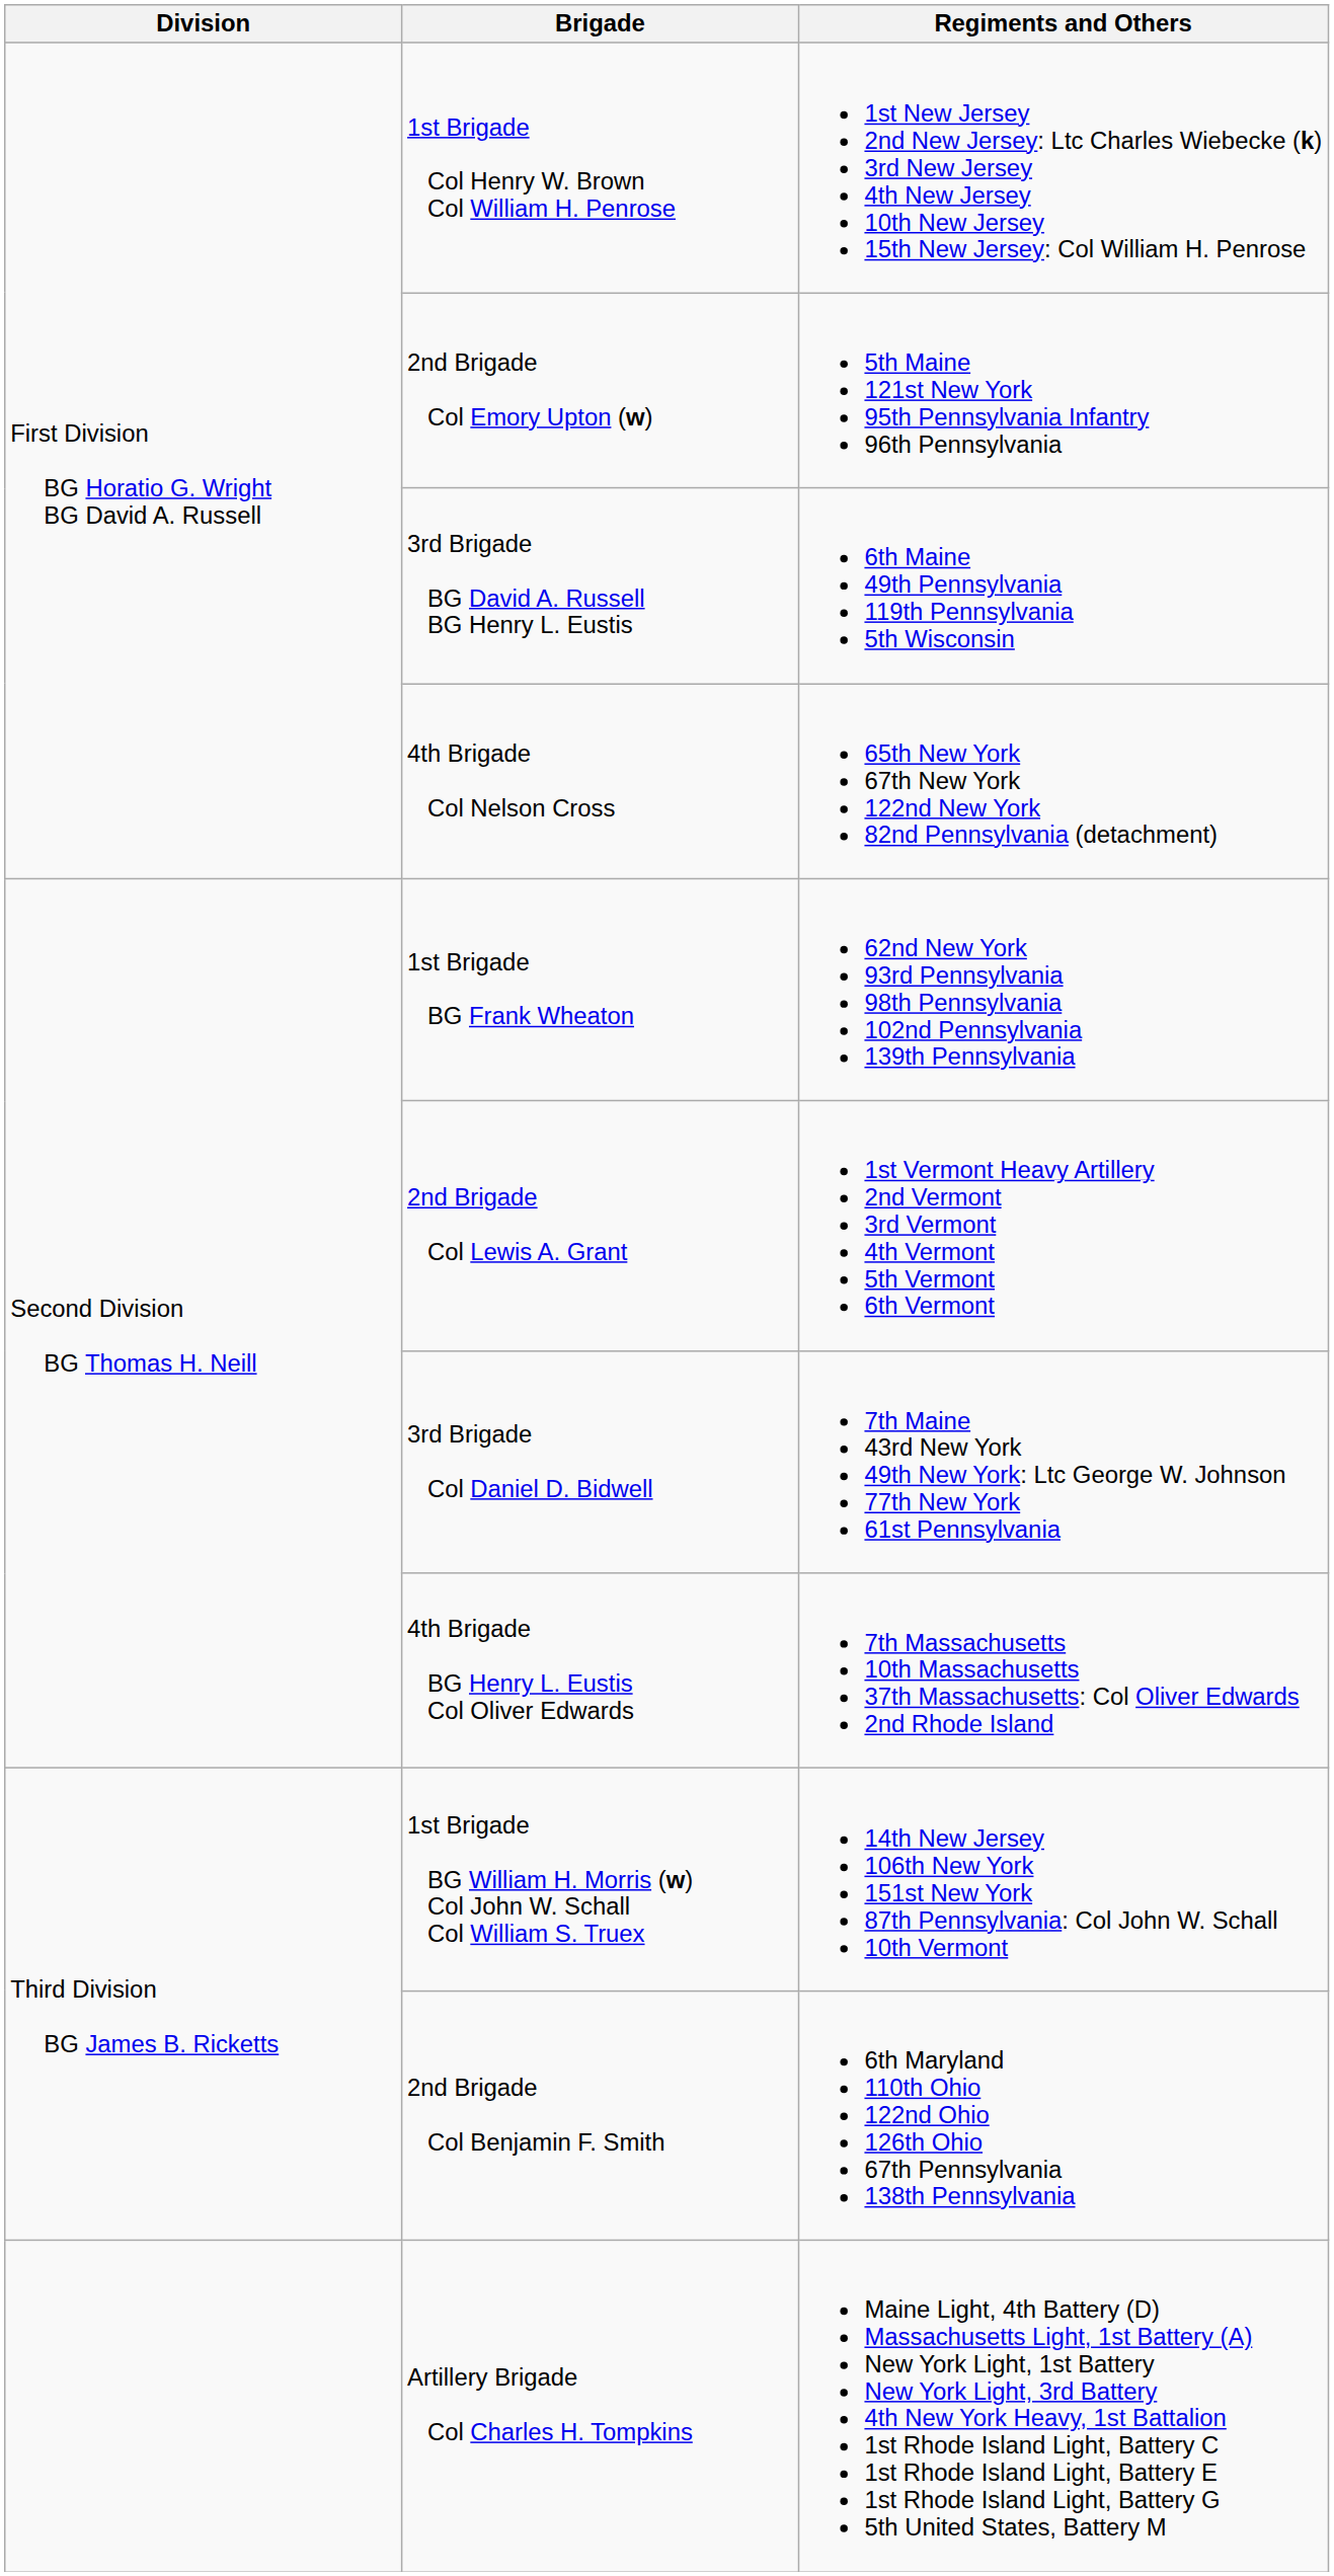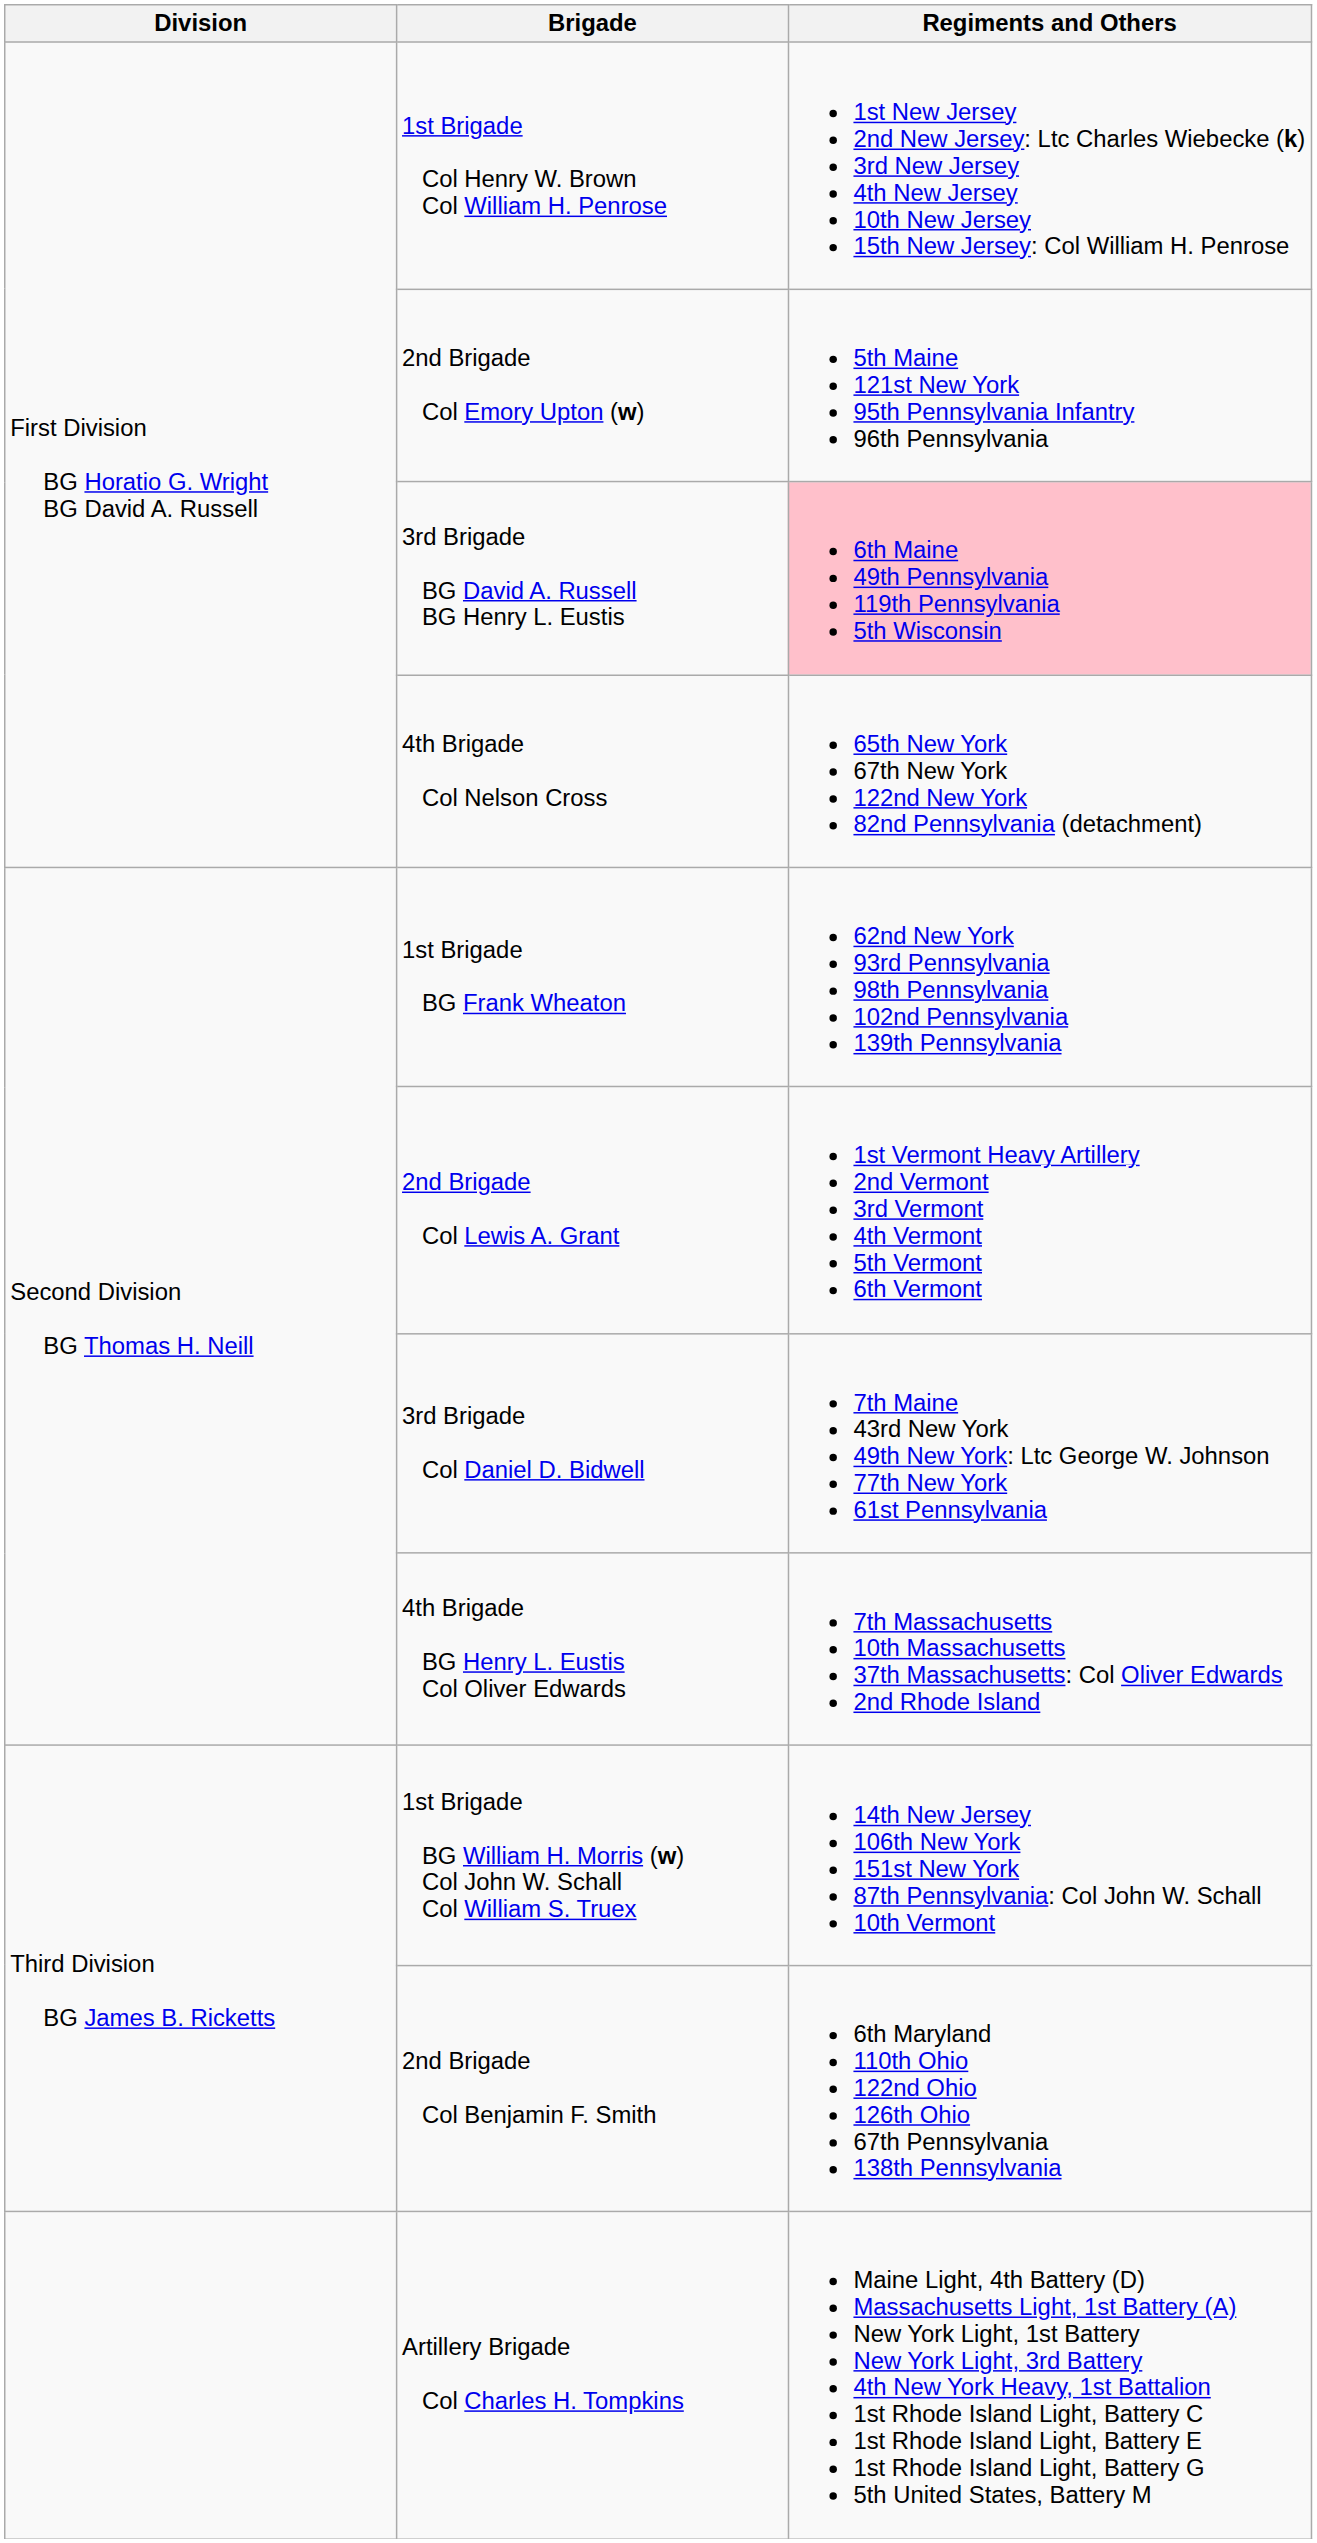 <table class="wikitable">
 <tr>
 <th width=30%>Division</th>
 <th width=30%>Brigade</th>
 <th>Regiments and Others</th>
 </tr>
 <tr>
 <td rowspan=4><br>First Division<br> <br>     BG <a href='#'>Horatio G. Wright</a> <br>     BG David A. Russell</td>
 <td><a href='#'>1st Brigade</a><br><br>   Col Henry W. Brown <br>   Col <a href='#'>William H. Penrose</a></td>
 <td><br><ul><li><a href='#'>1st New Jersey</a></li><li><a href='#'>2nd New Jersey</a>: Ltc Charles Wiebecke (<strong>k</strong>)</li><li><a href='#'>3rd New Jersey</a></li><li><a href='#'>4th New Jersey</a></li><li><a href='#'>10th New Jersey</a></li><li><a href='#'>15th New Jersey</a>: Col William H. Penrose</li></ul></td>
 </tr>
 <tr>
 <td>2nd Brigade<br><br>   Col <a href='#'>Emory Upton</a> (<strong>w</strong>)</td>
 <td><br><ul><li><a href='#'>5th Maine</a></li><li><a href='#'>121st New York</a></li><li><a href='#'>95th Pennsylvania Infantry</a></li><li>96th Pennsylvania</li></ul></td>
 </tr>
 <tr>
 <td>3rd Brigade<br><br>   BG <a href='#'>David A. Russell</a> <br>   BG Henry L. Eustis</td>
-<td><br><ul><li><a href='#'>6th Maine</a></li><li><a href='#'>49th Pennsylvania</a></li><li><a href='#'>119th Pennsylvania</a></li><li><a href='#'>5th Wisconsin</a></li></ul></td>
+<td style="background: pink;"><br><ul><li><a href='#'>6th Maine</a></li><li><a href='#'>49th Pennsylvania</a></li><li><a href='#'>119th Pennsylvania</a></li><li><a href='#'>5th Wisconsin</a></li></ul></td>
 </tr>
 <tr>
 <td>4th Brigade<br><br>   Col Nelson Cross</td>
 <td><br><ul><li><a href='#'>65th New York</a></li><li>67th New York</li><li><a href='#'>122nd New York</a></li><li><a href='#'>82nd Pennsylvania</a> (detachment)</li></ul></td>
 </tr>
 <tr>
 <td rowspan=4><br>Second Division<br> <br>     BG <a href='#'>Thomas H. Neill</a></td>
 <td>1st Brigade<br><br>   BG <a href='#'>Frank Wheaton</a></td>
 <td><br><ul><li><a href='#'>62nd New York</a></li><li><a href='#'>93rd Pennsylvania</a></li><li><a href='#'>98th Pennsylvania</a></li><li><a href='#'>102nd Pennsylvania</a></li><li><a href='#'>139th Pennsylvania</a></li></ul></td>
 </tr>
 <tr>
 <td><a href='#'>2nd Brigade</a><br><br>   Col <a href='#'>Lewis A. Grant</a></td>
 <td><br><ul><li><a href='#'>1st Vermont Heavy Artillery</a></li><li><a href='#'>2nd Vermont</a></li><li><a href='#'>3rd Vermont</a></li><li><a href='#'>4th Vermont</a></li><li><a href='#'>5th Vermont</a></li><li><a href='#'>6th Vermont</a></li></ul></td>
 </tr>
 <tr>
 <td>3rd Brigade<br><br>   Col <a href='#'>Daniel D. Bidwell</a></td>
 <td><br><ul><li><a href='#'>7th Maine</a></li><li>43rd New York</li><li><a href='#'>49th New York</a>: Ltc George W. Johnson</li><li><a href='#'>77th New York</a></li><li><a href='#'>61st Pennsylvania</a></li></ul></td>
 </tr>
 <tr>
 <td>4th Brigade<br><br>   BG <a href='#'>Henry L. Eustis</a> <br>   Col Oliver Edwards</td>
 <td><br><ul><li><a href='#'>7th Massachusetts</a></li><li><a href='#'>10th Massachusetts</a></li><li><a href='#'>37th Massachusetts</a>: Col <a href='#'>Oliver Edwards</a></li><li><a href='#'>2nd Rhode Island</a></li></ul></td>
 </tr>
 <tr>
 <td rowspan=2><br>Third Division<br> <br>     BG <a href='#'>James B. Ricketts</a></td>
 <td>1st Brigade<br><br>   BG <a href='#'>William H. Morris</a> (<strong>w</strong>) <br>   Col John W. Schall <br>   Col <a href='#'>William S. Truex</a></td>
 <td><br><ul><li><a href='#'>14th New Jersey</a></li><li><a href='#'>106th New York</a></li><li><a href='#'>151st New York</a></li><li><a href='#'>87th Pennsylvania</a>: Col John W. Schall</li><li><a href='#'>10th Vermont</a></li></ul></td>
 </tr>
 <tr>
 <td>2nd Brigade<br><br>   Col Benjamin F. Smith</td>
 <td><br><ul><li>6th Maryland</li><li><a href='#'>110th Ohio</a></li><li><a href='#'>122nd Ohio</a></li><li><a href='#'>126th Ohio</a></li><li>67th Pennsylvania</li><li><a href='#'>138th Pennsylvania</a></li></ul></td>
 </tr>
 <tr>
 <td></td>
 <td>Artillery Brigade<br><br>   Col <a href='#'>Charles H. Tompkins</a></td>
 <td><br><ul><li>Maine Light, 4th Battery (D)</li><li><a href='#'>Massachusetts Light, 1st Battery (A)</a></li><li>New York Light, 1st Battery</li><li><a href='#'>New York Light, 3rd Battery</a></li><li><a href='#'>4th New York Heavy, 1st Battalion</a></li><li>1st Rhode Island Light, Battery C</li><li>1st Rhode Island Light, Battery E</li><li>1st Rhode Island Light, Battery G</li><li>5th United States, Battery M</li></ul></td>
 </tr>
 </table>
